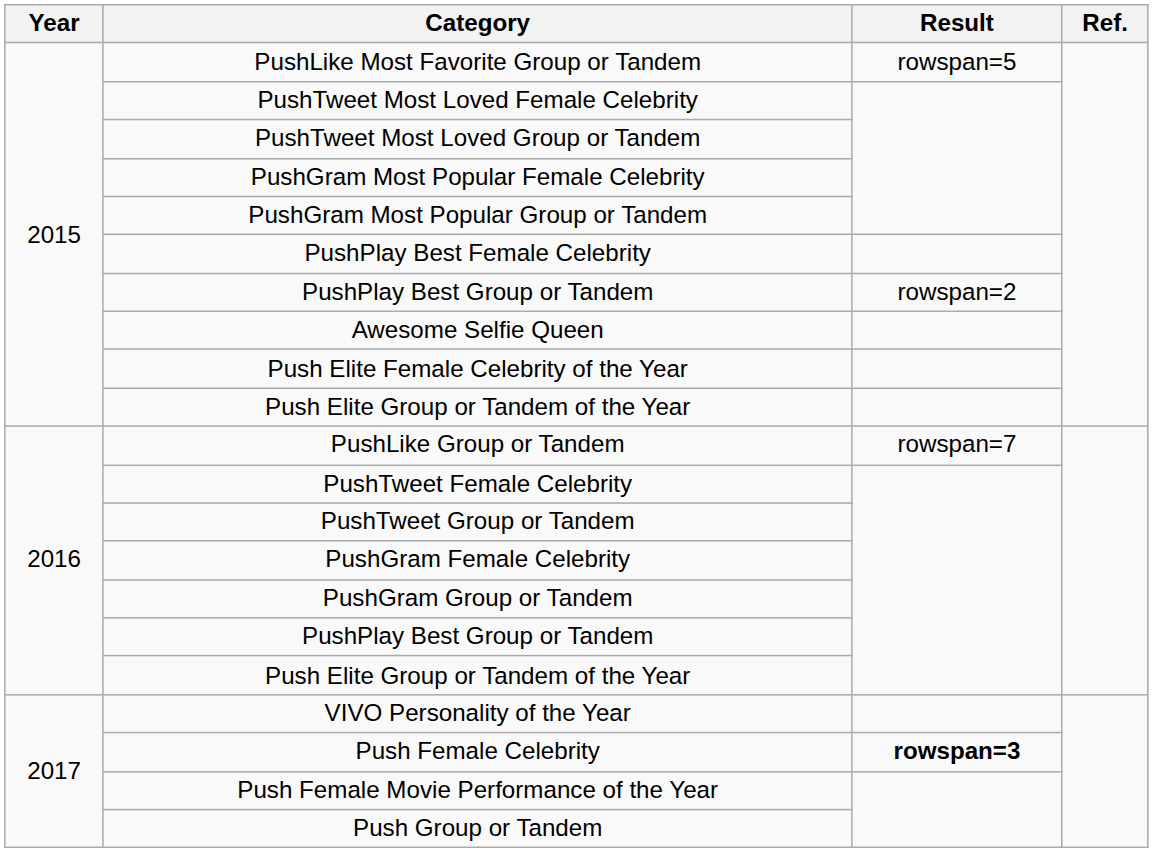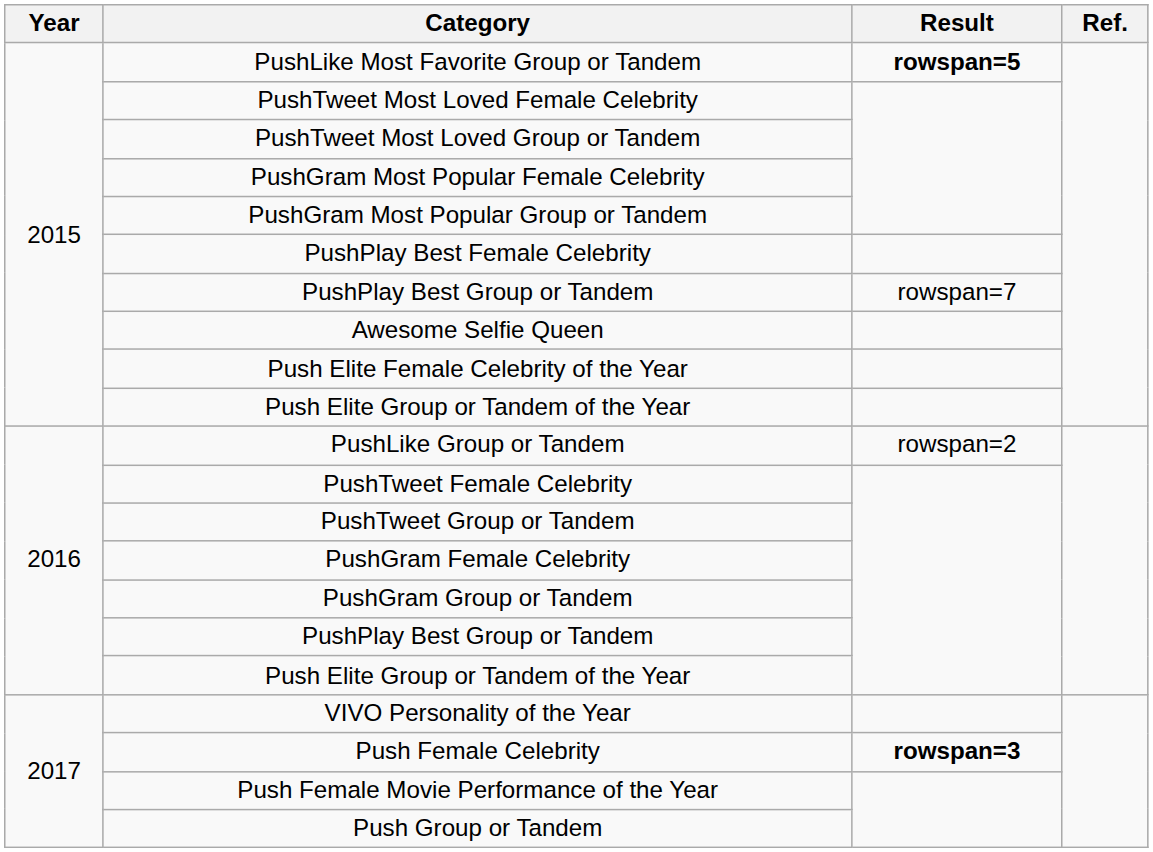 <table class="wikitable sortable"  style="text-align:center; width:60%;">
 <tr>
 <th>Year</th>
 <th>Category</th>
 <th>Result</th>
 <th>Ref.</th>
 </tr>
 <tr>
 <td rowspan="10">2015</td>
 <td>PushLike Most Favorite Group or Tandem </td>
-<td>rowspan=5 </td>
+<td><strong>rowspan=5 </strong></td>
 <td rowspan="10"></td>
 </tr>
 <tr>
 <td>PushTweet Most Loved Female Celebrity</td>
 </tr>
 <tr>
 <td>PushTweet Most Loved Group or Tandem </td>
 </tr>
 <tr>
 <td>PushGram Most Popular Female Celebrity</td>
 </tr>
 <tr>
 <td>PushGram Most Popular Group or Tandem </td>
 </tr>
 <tr>
 <td>PushPlay Best Female Celebrity</td>
 <td></td>
 </tr>
 <tr>
 <td>PushPlay Best Group or Tandem </td>
-<td>rowspan=2 </td>
+<td>rowspan=7 </td>
 </tr>
 <tr>
 <td>Awesome Selfie Queen</td>
 </tr>
 <tr>
 <td>Push Elite Female Celebrity of the Year</td>
 <td></td>
 </tr>
 <tr>
 <td>Push Elite Group or Tandem of the Year </td>
 <td></td>
 </tr>
 <tr>
 <td rowspan="7">2016</td>
 <td>PushLike Group or Tandem </td>
-<td>rowspan=7 </td>
+<td>rowspan=2 </td>
 <td rowspan="7"></td>
 </tr>
 <tr>
 <td>PushTweet Female Celebrity</td>
 </tr>
 <tr>
 <td>PushTweet Group or Tandem </td>
 </tr>
 <tr>
 <td>PushGram Female Celebrity</td>
 </tr>
 <tr>
 <td>PushGram Group or Tandem </td>
 </tr>
 <tr>
 <td>PushPlay Best Group or Tandem </td>
 </tr>
 <tr>
 <td>Push Elite Group or Tandem of the Year </td>
 </tr>
 <tr>
 <td rowspan="4">2017</td>
 <td>VIVO Personality of the Year </td>
 <td></td>
 <td rowspan="4"></td>
 </tr>
 <tr>
 <td>Push Female Celebrity</td>
 <td><strong>rowspan=3 </strong></td>
 </tr>
 <tr>
 <td>Push Female Movie Performance of the Year</td>
 </tr>
 <tr>
 <td>Push Group or Tandem </td>
 </tr>
 </table>
